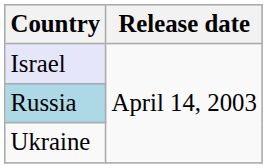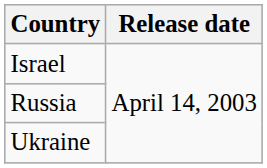 <table class="wikitable">
 <tr>
 <th>Country</th>
 <th>Release date</th>
 </tr>
 <tr>
-<td style="background: lavender;">Israel</td>
+<td>Israel</td>
 <td rowspan="3">April 14, 2003</td>
 </tr>
 <tr>
-<td style="background: lightblue;">Russia</td>
+<td>Russia</td>
 </tr>
 <tr>
 <td>Ukraine</td>
 </tr>
 </table>
